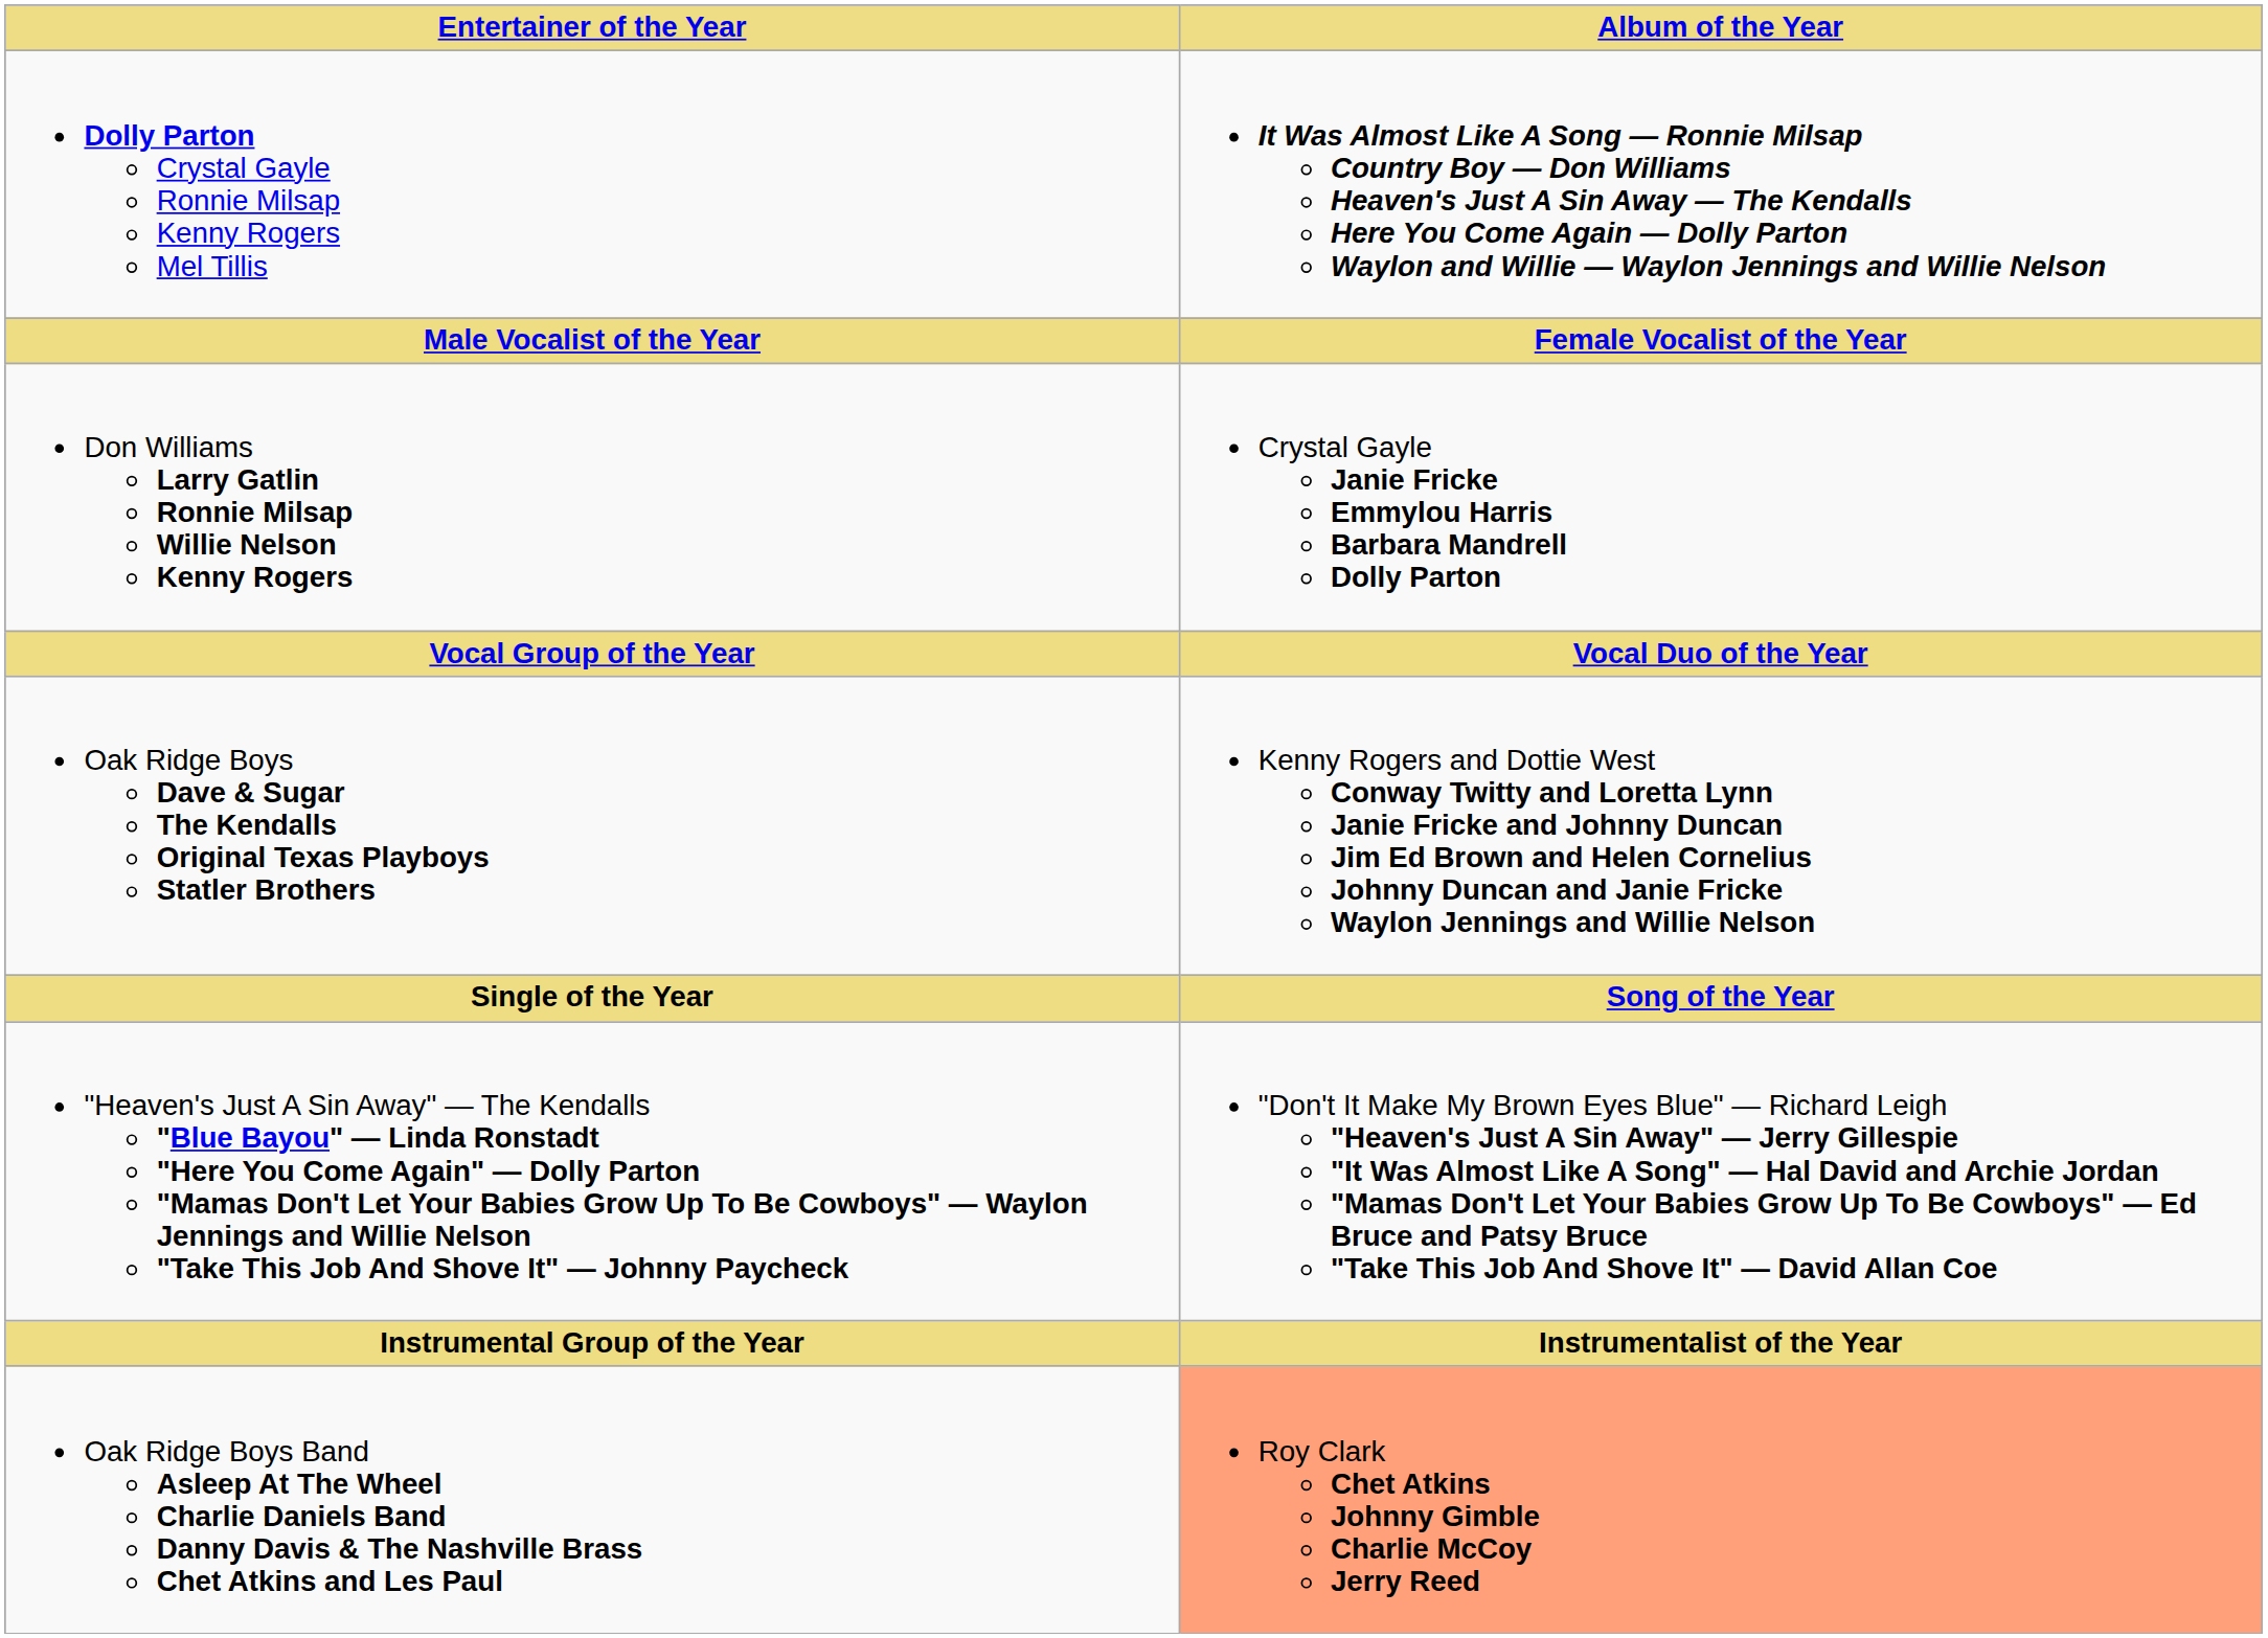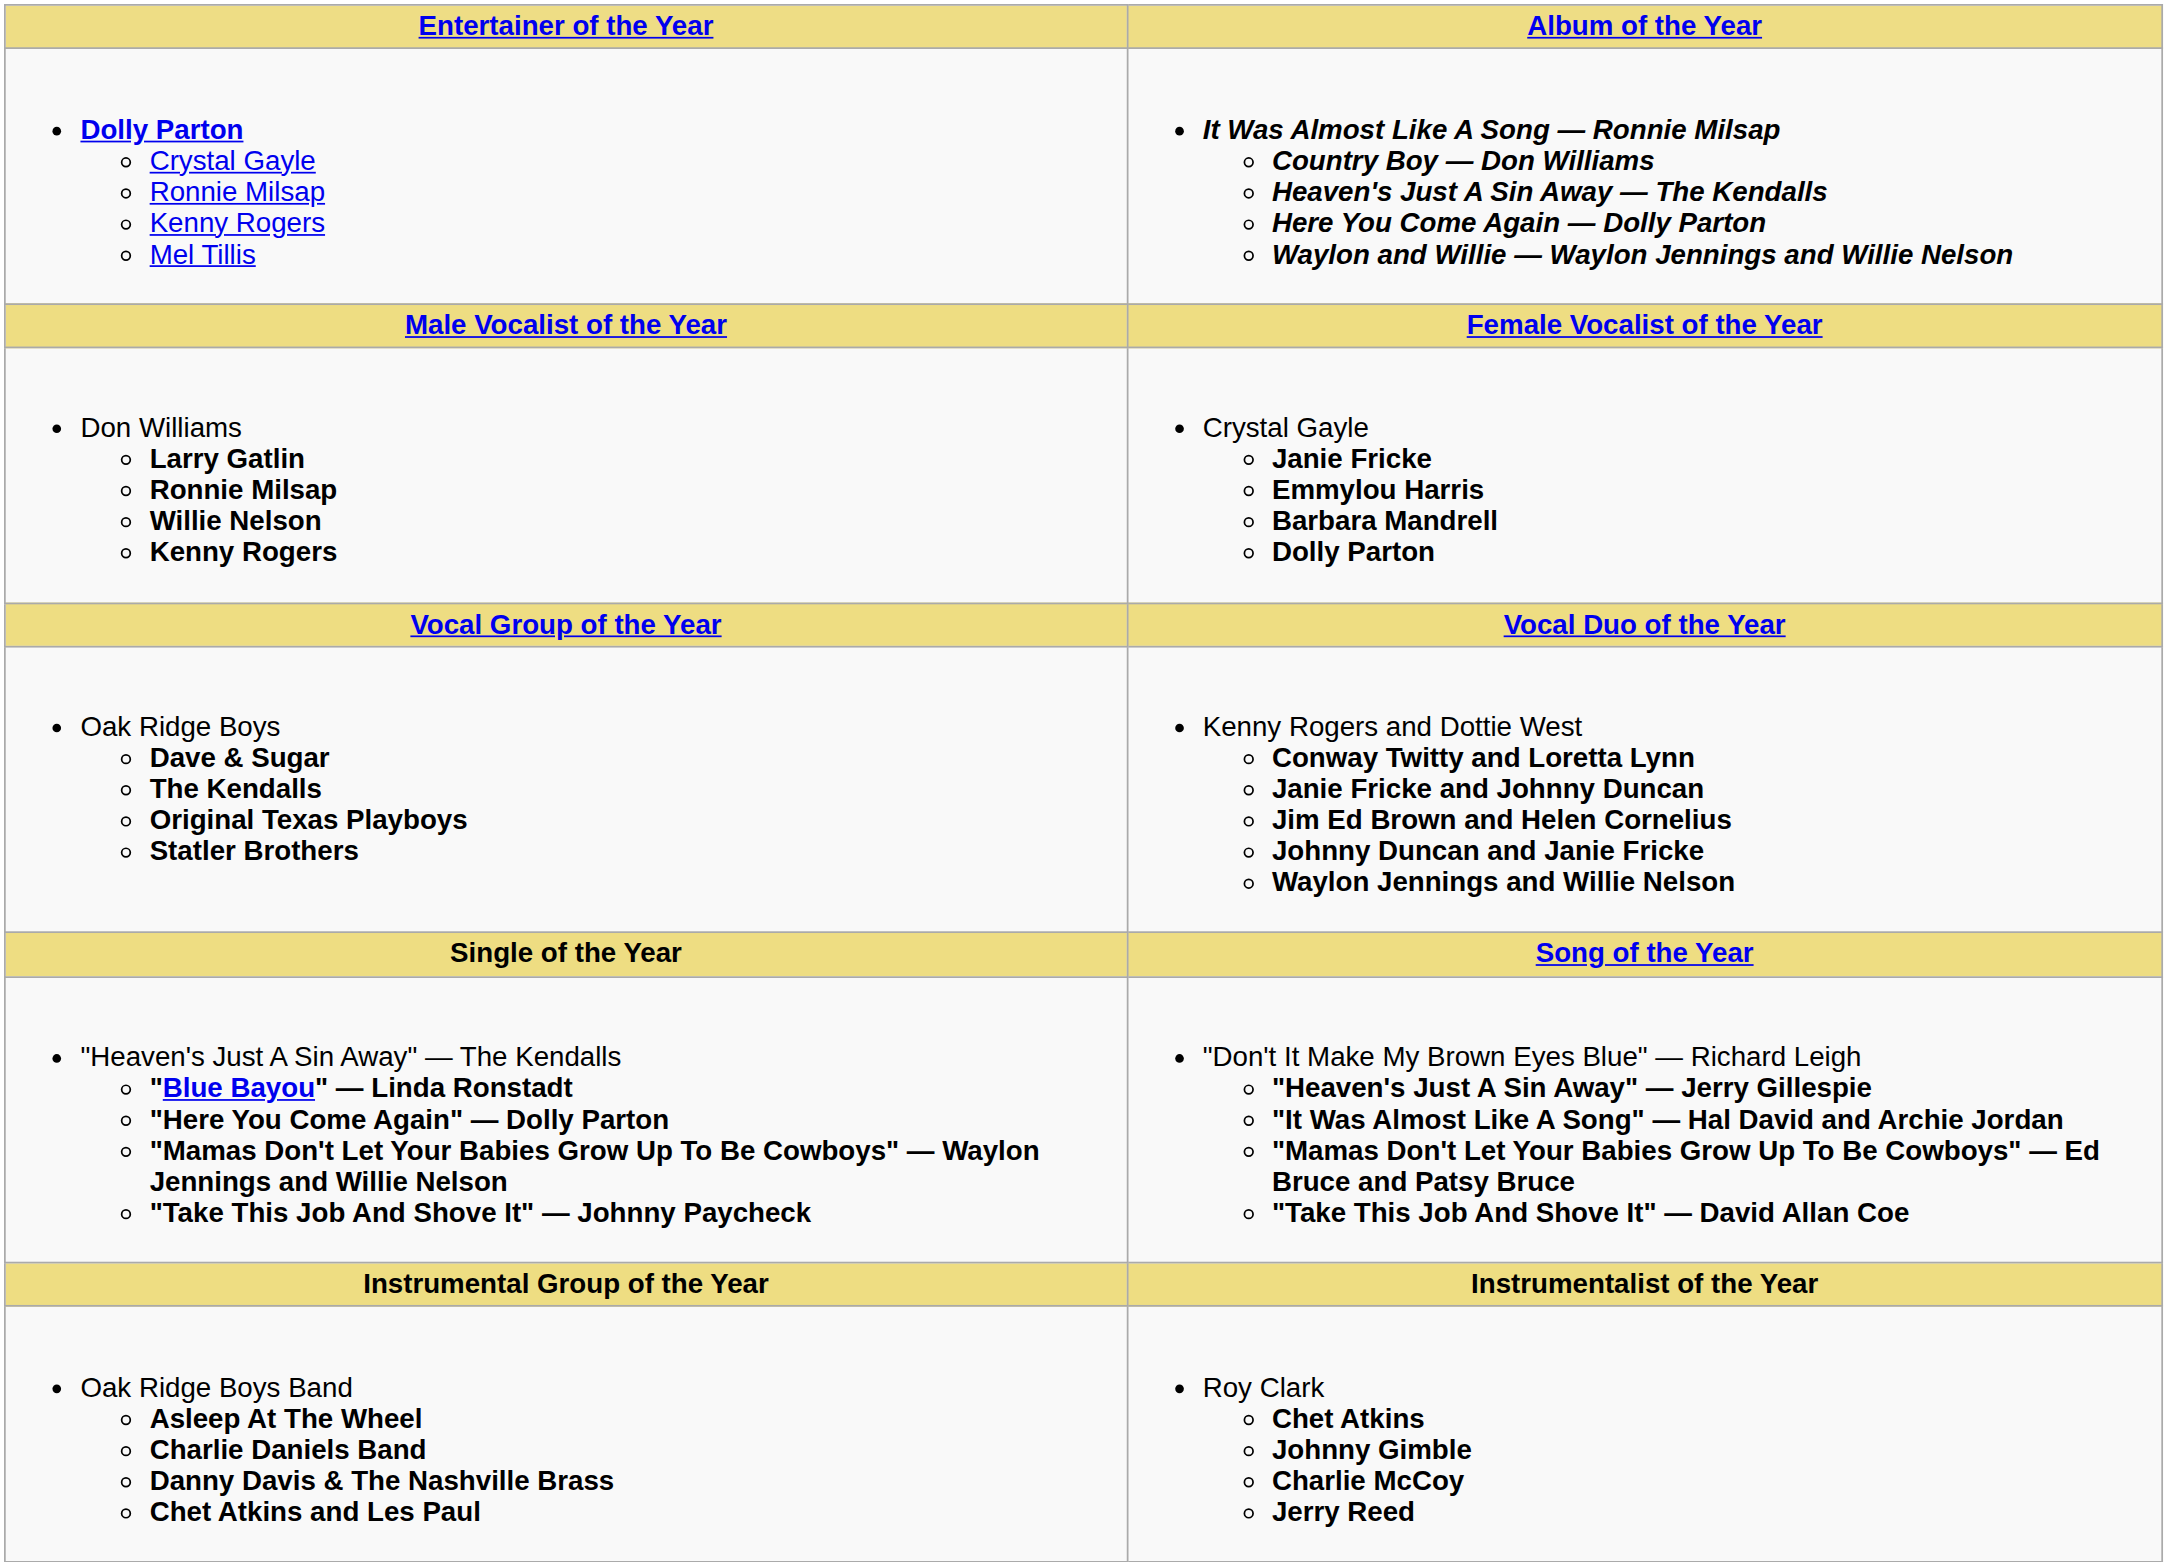 <table class="wikitable">
 <tr>
 <th style="background:#EEDD85; width=50%"><a href='#'>Entertainer of the Year</a></th>
 <th style="background:#EEDD85; width=50%"><a href='#'>Album of the Year</a></th>
 </tr>
 <tr>
 <td valign="top"><br><ul><li><strong><a href='#'>Dolly Parton</a></strong><ul><li><a href='#'>Crystal Gayle</a></li><li><a href='#'>Ronnie Milsap</a></li><li><a href='#'>Kenny Rogers</a></li><li><a href='#'>Mel Tillis</a></li></ul></li></ul></td>
 <td valign="top"><br><ul><li><strong><em>It Was Almost Like A Song<em> — Ronnie Milsap<strong><ul><li></em>Country Boy<em> — Don Williams</li><li></em>Heaven's Just A Sin Away<em> — The Kendalls          </li><li></em>Here You Come Again<em> — Dolly Parton    </li><li></em>Waylon and Willie<em> — Waylon Jennings and Willie Nelson</li></ul></li></ul></td>
 </tr>
 <tr>
 <th style="background:#EEDD82; width=50%"><a href='#'>Male Vocalist of the Year</a></th>
 <th style="background:#EEDD82; width=50%"><a href='#'>Female Vocalist of the Year</a></th>
 </tr>
 <tr>
 <td valign="top"><br><ul><li></strong>Don Williams<strong><ul><li>Larry Gatlin</li><li>Ronnie Milsap</li><li>Willie Nelson</li><li>Kenny Rogers</li></ul></li></ul></td>
 <td valign="top"><br><ul><li></strong>Crystal Gayle<strong><ul><li>Janie Fricke</li><li>Emmylou Harris</li><li>Barbara Mandrell</li><li>Dolly Parton</li></ul></li></ul></td>
 </tr>
 <tr>
 <th style="background:#EEDD82; width=50%"><a href='#'>Vocal Group of the Year</a></th>
 <th style="background:#EEDD82; width=50%"><a href='#'>Vocal Duo of the Year</a></th>
 </tr>
 <tr>
 <td valign="top"><br><ul><li></strong>Oak Ridge Boys<strong><ul><li>Dave & Sugar</li><li>The Kendalls</li><li>Original Texas Playboys</li><li>Statler Brothers</li></ul></li></ul></td>
 <td valign="top"><br><ul><li></strong>Kenny Rogers and Dottie West<strong><ul><li>Conway Twitty and Loretta Lynn</li><li>Janie Fricke and Johnny Duncan</li><li>Jim Ed Brown and Helen Cornelius</li><li>Johnny Duncan and Janie Fricke</li><li>Waylon Jennings and Willie Nelson</li></ul></li></ul></td>
 </tr>
 <tr>
 <th style="background:#EEDD82; width=50%">Single of the Year</th>
 <th style="background:#EEDD82; width=50%"><a href='#'>Song of the Year</a></th>
 </tr>
 <tr>
 <td valign="top"><br><ul><li></strong>"Heaven's Just A Sin Away" — The Kendalls<strong><ul><li>"<a href='#'>Blue Bayou</a>" — Linda Ronstadt</li><li>"Here You Come Again" — Dolly Parton</li><li>"Mamas Don't Let Your Babies Grow Up To Be Cowboys" — Waylon Jennings and Willie Nelson</li><li>"Take This Job And Shove It" — Johnny Paycheck</li></ul></li></ul></td>
 <td valign="top"><br><ul><li></strong>"Don't It Make My Brown Eyes Blue" — Richard Leigh<strong><ul><li>"Heaven's Just A Sin Away" — Jerry Gillespie</li><li>"It Was Almost Like A Song" — Hal David and Archie Jordan</li><li>"Mamas Don't Let Your Babies Grow Up To Be Cowboys" — Ed Bruce and Patsy Bruce</li><li>"Take This Job And Shove It" — David Allan Coe</li></ul></li></ul></td>
 </tr>
 <tr>
 <th style="background:#EEDD82; width=50%">Instrumental Group of the Year</th>
 <th style="background:#EEDD82; width=50%">Instrumentalist of the Year</th>
 </tr>
 <tr>
 <td valign="top"><br><ul><li></strong>Oak Ridge Boys Band<strong><ul><li>Asleep At The Wheel</li><li>Charlie Daniels Band</li><li>Danny Davis & The Nashville Brass</li><li>Chet Atkins and Les Paul</li></ul></li></ul></td>
-<td valign="top" style="background: lightsalmon;"><br><ul><li></strong>Roy Clark<strong><ul><li>Chet Atkins</li><li>Johnny Gimble</li><li>Charlie McCoy</li><li>Jerry Reed</li></ul></li></ul></td>
+<td valign="top"><br><ul><li></strong>Roy Clark<strong><ul><li>Chet Atkins</li><li>Johnny Gimble</li><li>Charlie McCoy</li><li>Jerry Reed</li></ul></li></ul></td>
 </tr>
 </table>
